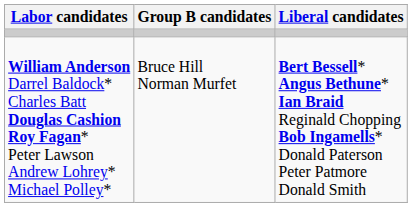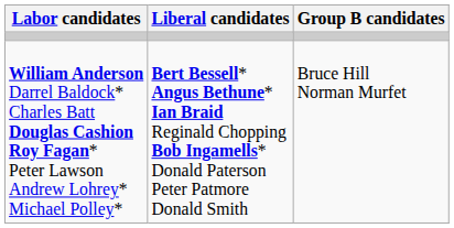 <table class="wikitable">
 <tr>
 <th><a href='#'>Labor</a> candidates</th>
+<th><a href='#'>Liberal</a> candidates</th>
 <th>Group B candidates</th>
-<th><a href='#'>Liberal</a> candidates</th>
 </tr>
 <tr bgcolor="#cccccc">
 <td></td>
 <td></td>
 <td></td>
 </tr>
 <tr>
 <td><br><strong><a href='#'>William Anderson</a></strong><br> <a href='#'>Darrel Baldock</a>*<br> <a href='#'>Charles Batt</a><br> <strong><a href='#'>Douglas Cashion</a></strong><br> <strong><a href='#'>Roy Fagan</a></strong>*<br> Peter Lawson<br> <a href='#'>Andrew Lohrey</a>*<br> <a href='#'>Michael Polley</a>*</td>
+<td><br><strong><a href='#'>Bert Bessell</a></strong>*<br> <strong><a href='#'>Angus Bethune</a></strong>*<br> <strong><a href='#'>Ian Braid</a></strong><br> Reginald Chopping<br> <strong><a href='#'>Bob Ingamells</a></strong>*<br> Donald Paterson<br> Peter Patmore<br> Donald Smith</td>
 <td valign=top><br>Bruce Hill<br> Norman Murfet</td>
-<td><br><strong><a href='#'>Bert Bessell</a></strong>*<br> <strong><a href='#'>Angus Bethune</a></strong>*<br> <strong><a href='#'>Ian Braid</a></strong><br> Reginald Chopping<br> <strong><a href='#'>Bob Ingamells</a></strong>*<br> Donald Paterson<br> Peter Patmore<br> Donald Smith</td>
 </tr>
 </table>
